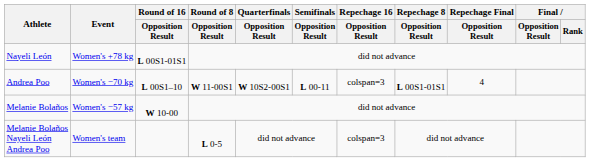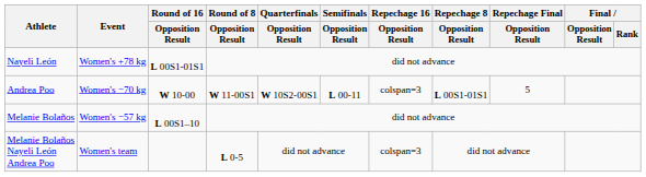 <table class="wikitable" style="font-size:90%">
 <tr>
 <th rowspan="2">Athlete</th>
 <th rowspan="2">Event</th>
 <th>Round of 16</th>
 <th>Round of 8</th>
 <th>Quarterfinals</th>
 <th>Semifinals</th>
 <th>Repechage 16</th>
 <th>Repechage 8</th>
 <th>Repechage Final</th>
 <th colspan=2>Final / </th>
 </tr>
 <tr style="font-size:95%">
 <th>Opposition<br>Result</th>
 <th>Opposition<br>Result</th>
 <th>Opposition<br>Result</th>
 <th>Opposition<br>Result</th>
 <th>Opposition<br>Result</th>
 <th>Opposition<br>Result</th>
 <th>Opposition<br>Result</th>
 <th>Opposition<br>Result</th>
 <th>Rank</th>
 </tr>
 <tr align=center>
 <td align=left><a href='#'>Nayeli León</a></td>
 <td align=left><a href='#'>Women's +78 kg</a></td>
 <td><br><strong>L</strong> 00S1-01S1</td>
 <td colspan=8>did not advance</td>
 </tr>
 <tr align=center>
 <td align=left><a href='#'>Andrea Poo</a></td>
 <td align=left><a href='#'>Women's −70 kg</a></td>
-<td><br><strong>L</strong> 00S1–10</td>
+<td><br><strong>W</strong> 10-00</td>
 <td><br><strong>W</strong> 11-00S1</td>
 <td><br><strong>W</strong> 10S2-00S1</td>
 <td><br><strong>L</strong> 00-11</td>
 <td>colspan=3 </td>
 <td><br><strong>L</strong> 00S1-01S1</td>
-<td>4</td>
+<td>5</td>
 </tr>
 <tr align=center>
 <td align=left><a href='#'>Melanie Bolaños</a></td>
 <td align=left><a href='#'>Women's −57 kg</a></td>
-<td><br><strong>W</strong> 10-00</td>
+<td><br><strong>L</strong> 00S1–10</td>
 <td colspan=8>did not advance</td>
 </tr>
 <tr align=center>
 <td align=left><a href='#'>Melanie Bolaños</a><br><a href='#'>Nayeli León</a><br><a href='#'>Andrea Poo</a></td>
 <td align=left><a href='#'>Women's team</a></td>
 <td></td>
 <td><br><strong>L</strong> 0-5</td>
 <td colspan=2>did not advance</td>
 <td>colspan=3 </td>
 <td colspan=2>did not advance</td>
 </tr>
 </table>
